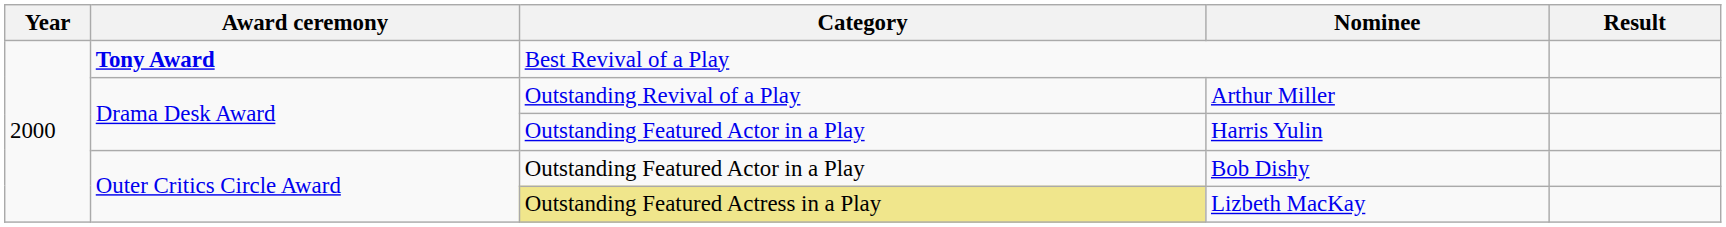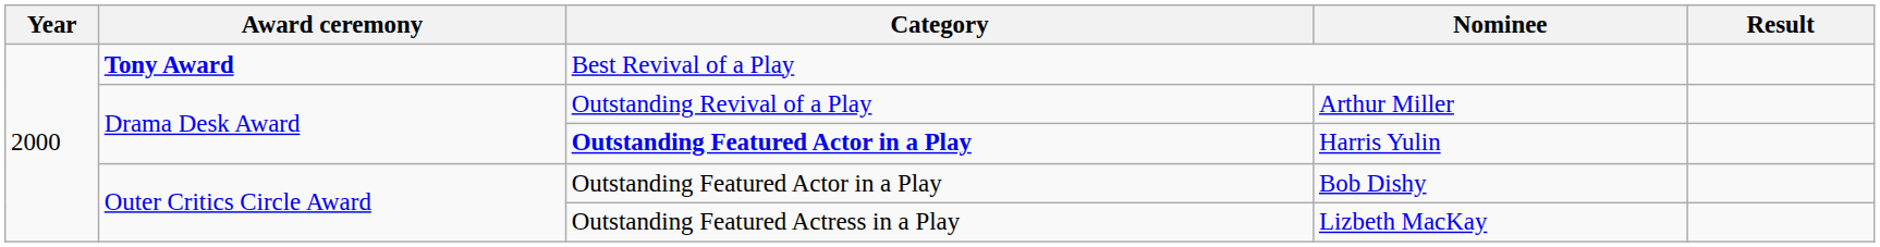 <table class="wikitable" width="95%">
 <tr>
 <th width="5%">Year</th>
 <th width="25%">Award ceremony</th>
 <th width="40%">Category</th>
 <th width="20%">Nominee</th>
 <th width="10%">Result</th>
 </tr>
 <tr>
 <td rowspan=5>2000</td>
 <td><strong><a href='#'>Tony Award</a></strong></td>
 <td colspan="2"><a href='#'>Best Revival of a Play</a></td>
 <td></td>
 </tr>
 <tr>
 <td rowspan=2><a href='#'>Drama Desk Award</a></td>
 <td><a href='#'>Outstanding Revival of a Play</a></td>
 <td><a href='#'>Arthur Miller</a></td>
 <td></td>
 </tr>
 <tr>
-<td><a href='#'>Outstanding Featured Actor in a Play</a></td>
+<td><strong><a href='#'>Outstanding Featured Actor in a Play</a></strong></td>
 <td><a href='#'>Harris Yulin</a></td>
 <td></td>
 </tr>
 <tr>
 <td rowspan=2><a href='#'>Outer Critics Circle Award</a></td>
 <td>Outstanding Featured Actor in a Play</td>
 <td><a href='#'>Bob Dishy</a></td>
 <td></td>
 </tr>
 <tr>
-<td style="background: khaki;">Outstanding Featured Actress in a Play</td>
+<td>Outstanding Featured Actress in a Play</td>
 <td><a href='#'>Lizbeth MacKay</a></td>
 <td></td>
 </tr>
 </table>
